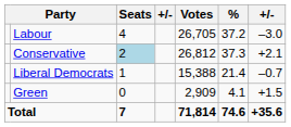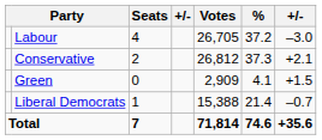 <table class="wikitable sortable">
 <tr>
 <th colspan="2">Party</th>
 <th>Seats</th>
 <th>+/-</th>
 <th>Votes</th>
 <th>%</th>
 <th>+/-</th>
 </tr>
 <tr>
 <td style="background-color: "></td>
 <td><a href='#'>Labour</a></td>
 <td>4</td>
 <td></td>
 <td style="text-align:right;">26,705</td>
 <td style="text-align:right;">37.2</td>
 <td style="text-align:right;">–3.0</td>
 </tr>
 <tr>
 <td style="background-color: "></td>
 <td><a href='#'>Conservative</a></td>
-<td style="background: lightblue;">2</td>
+<td>2</td>
 <td></td>
 <td style="text-align:right;">26,812</td>
 <td style="text-align:right;">37.3</td>
 <td style="text-align:right;">+2.1</td>
+</tr>
+<tr>
+<td style="background-color: "></td>
+<td><a href='#'>Green</a></td>
+<td>0</td>
+<td></td>
+<td style="text-align:right;">2,909</td>
+<td style="text-align:right;">4.1</td>
+<td style="text-align:right;">+1.5</td>
 </tr>
 <tr>
 <td style="background-color: "></td>
 <td><a href='#'>Liberal Democrats</a></td>
 <td>1</td>
 <td></td>
 <td style="text-align:right;">15,388</td>
 <td style="text-align:right;">21.4</td>
 <td style="text-align:right;">–0.7</td>
 </tr>
 <tr>
-<td style="background-color: "></td>
-<td><a href='#'>Green</a></td>
-<td>0</td>
-<td></td>
-<td style="text-align:right;">2,909</td>
-<td style="text-align:right;">4.1</td>
-<td style="text-align:right;">+1.5</td>
-</tr>
-<tr>
 <td colspan="2"><strong>Total</strong></td>
 <td><strong>7</strong></td>
 <td></td>
 <td style="text-align:right;"><strong>71,814</strong></td>
 <td style="text-align:right;"><strong>74.6</strong></td>
 <td style="text-align:right;"><strong>+35.6</strong></td>
 </tr>
 </table>
